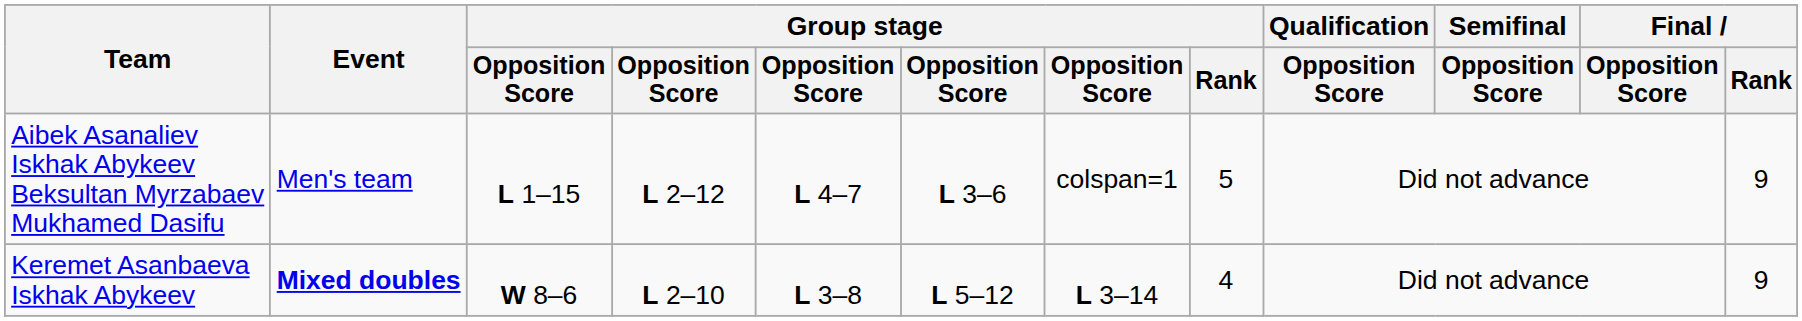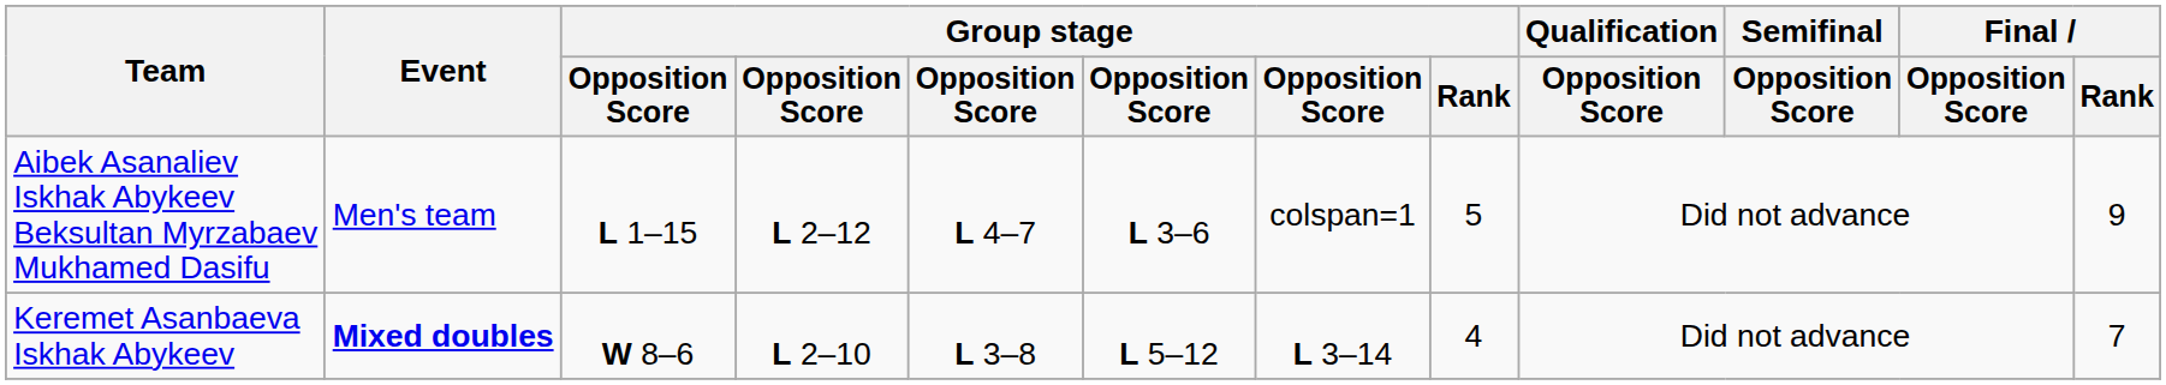 <table class=wikitable style=font-size:90%;text-align:center>
 <tr>
 <th rowspan=2>Team</th>
 <th rowspan=2>Event</th>
 <th colspan=6>Group stage</th>
 <th>Qualification</th>
 <th>Semifinal</th>
 <th colspan=2>Final / </th>
 </tr>
 <tr style=font-size:95%>
 <th>Opposition<br>Score</th>
 <th>Opposition<br>Score</th>
 <th>Opposition<br>Score</th>
 <th>Opposition<br>Score</th>
 <th>Opposition<br>Score</th>
 <th>Rank</th>
 <th>Opposition<br>Score</th>
 <th>Opposition<br>Score</th>
 <th>Opposition<br>Score</th>
 <th>Rank</th>
 </tr>
 <tr>
 <td align=left><a href='#'>Aibek Asanaliev</a><br><a href='#'>Iskhak Abykeev</a><br><a href='#'>Beksultan Myrzabaev</a><br><a href='#'>Mukhamed Dasifu</a></td>
 <td align=left><a href='#'>Men's team</a></td>
 <td><br><strong>L</strong> 1–15</td>
 <td><br><strong>L</strong> 2–12</td>
 <td><br><strong>L</strong> 4–7</td>
 <td><br><strong>L</strong> 3–6</td>
 <td>colspan=1 </td>
 <td>5</td>
 <td colspan=3>Did not advance</td>
 <td>9</td>
 </tr>
 <tr>
 <td align=left><a href='#'>Keremet Asanbaeva</a><br><a href='#'>Iskhak Abykeev</a></td>
 <td align=left><strong><a href='#'>Mixed doubles</a></strong></td>
 <td><br><strong>W</strong> 8–6</td>
 <td><br><strong>L</strong> 2–10</td>
 <td><br><strong>L</strong> 3–8</td>
 <td><br><strong>L</strong> 5–12</td>
 <td><br><strong>L</strong> 3–14</td>
 <td>4</td>
 <td colspan=3>Did not advance</td>
-<td>9</td>
+<td>7</td>
 </tr>
 </table>
